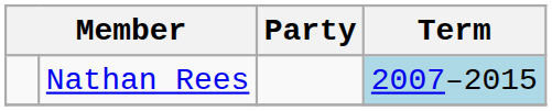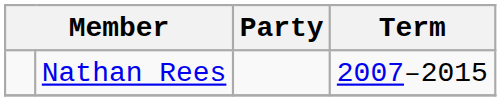 <table class="wikitable">
 <tr>
 <th colspan="2">Member</th>
 <th>Party</th>
 <th>Term</th>
 </tr>
 <tr>
 <td> </td>
 <td><a href='#'>Nathan Rees</a></td>
 <td></td>
-<td style="background: lightblue;"><a href='#'>2007</a>–2015</td>
+<td><a href='#'>2007</a>–2015</td>
 </tr>
 <tr>
 </tr>
 </table>
